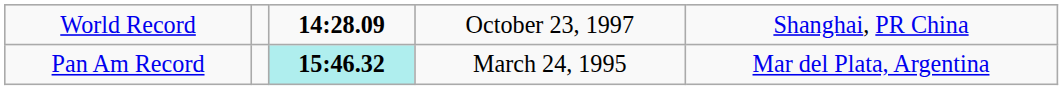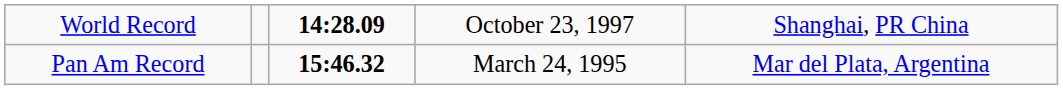 <table class="wikitable" style=" text-align:center; font-size:95%;" width="75%">
 <tr>
 <td><a href='#'>World Record</a></td>
 <td></td>
 <td><strong>14:28.09</strong></td>
 <td>October 23, 1997</td>
 <td> <a href='#'>Shanghai</a>, <a href='#'>PR China</a></td>
 </tr>
 <tr>
 <td><a href='#'>Pan Am Record</a></td>
 <td></td>
-<td style="background: paleturquoise;"><strong>15:46.32</strong></td>
+<td><strong>15:46.32</strong></td>
 <td>March 24, 1995</td>
 <td> <a href='#'>Mar del Plata, Argentina</a></td>
 </tr>
 </table>
